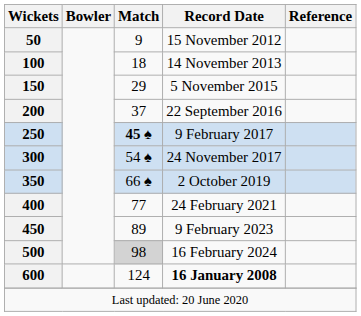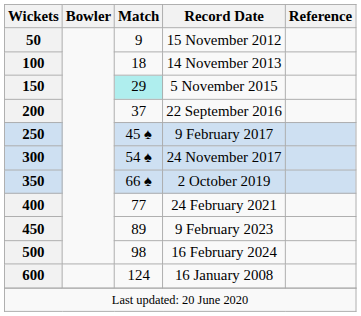 <table class="wikitable sortable" style="text-align:center;">
 <tr>
 <th scope="col" style="text-align:center;">Wickets</th>
 <th scope="col" style="text-align:center;">Bowler</th>
 <th scope="col" style="text-align:center;">Match</th>
 <th scope="col" style="text-align:center;">Record Date</th>
 <th scope="col" style="text-align:center;">Reference</th>
 </tr>
 <tr>
 <th scope="row" style="text-align:center;">50</th>
 <td rowspan=10></td>
 <td>9</td>
 <td>15 November 2012</td>
 <td></td>
 </tr>
 <tr>
 <th scope="row" style="text-align:center;">100</th>
 <td>18</td>
 <td>14 November 2013</td>
 <td></td>
 </tr>
 <tr>
 <th scope="row" style="text-align:center;">150</th>
-<td>29</td>
+<td style="background: paleturquoise;">29</td>
 <td>5 November 2015</td>
 <td></td>
 </tr>
 <tr>
 <th scope="row" style="text-align:center;">200</th>
 <td>37</td>
 <td>22 September 2016</td>
 <td></td>
 </tr>
 <tr bgcolor=#cee0f2>
 <th scope=row style="background:#cee0f2; text-align:center;">250</th>
-<td><strong>45 ♠</strong></td>
+<td>45 ♠</td>
 <td>9 February 2017</td>
 <td></td>
 </tr>
 <tr bgcolor=#cee0f2>
 <th scope=row style="background:#cee0f2; text-align:center;">300</th>
 <td>54 ♠</td>
 <td>24 November 2017</td>
 <td></td>
 </tr>
 <tr bgcolor=#cee0f2>
 <th scope=row style="background:#cee0f2; text-align:center;">350</th>
 <td>66 ♠</td>
 <td>2 October 2019</td>
 <td></td>
 </tr>
 <tr>
 <th scope="row" style="text-align:center;">400</th>
 <td>77</td>
 <td>24 February 2021</td>
 <td></td>
 </tr>
 <tr>
 <th scope="row" style="text-align:center;">450</th>
 <td>89</td>
 <td>9 February 2023</td>
 <td></td>
 </tr>
 <tr>
 <th scope="row" style="text-align:center;">500</th>
-<td style="background: lightgrey;">98</td>
+<td>98</td>
 <td>16 February 2024</td>
 <td></td>
 </tr>
 <tr>
 <th scope="row" style="text-align:center;">600</th>
 <td></td>
 <td>124</td>
-<td><strong>16 January 2008</strong></td>
+<td>16 January 2008</td>
 <td></td>
 </tr>
 <tr>
 </tr>
 <tr class=sortbottom>
 <td colspan=5><small>Last updated: 20 June 2020</small></td>
 </tr>
 </table>
